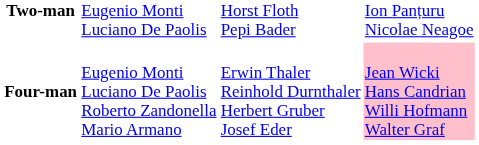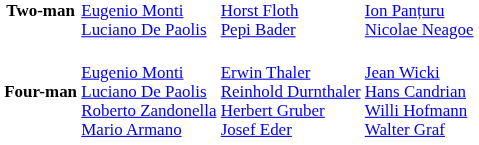 <table>
 <tr>
 <th scope="row">Two-man <br></th>
 <td><br><a href='#'>Eugenio Monti</a><br><a href='#'>Luciano De Paolis</a></td>
 <td><br><a href='#'>Horst Floth</a><br><a href='#'>Pepi Bader</a></td>
 <td><br><a href='#'>Ion Panțuru</a><br><a href='#'>Nicolae Neagoe</a></td>
 </tr>
 <tr>
 <th scope="row">Four-man <br></th>
 <td><br><a href='#'>Eugenio Monti</a> <br> <a href='#'>Luciano De Paolis</a> <br> <a href='#'>Roberto Zandonella</a> <br>  <a href='#'>Mario Armano</a></td>
 <td><br><a href='#'>Erwin Thaler</a> <br> <a href='#'>Reinhold Durnthaler</a> <br> <a href='#'>Herbert Gruber</a> <br> <a href='#'>Josef Eder</a></td>
-<td style="background: pink;"><br><a href='#'>Jean Wicki</a><br> <a href='#'>Hans Candrian</a> <br> <a href='#'>Willi Hofmann</a> <br> <a href='#'>Walter Graf</a></td>
+<td><br><a href='#'>Jean Wicki</a><br> <a href='#'>Hans Candrian</a> <br> <a href='#'>Willi Hofmann</a> <br> <a href='#'>Walter Graf</a></td>
 </tr>
 </table>
